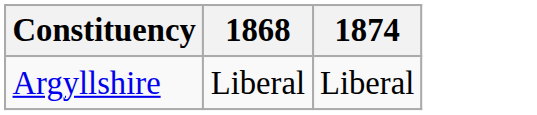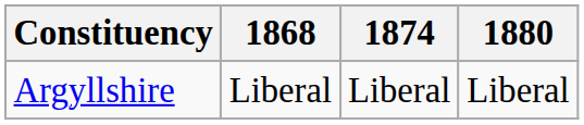 <table class="wikitable">
 <tr>
 <th>Constituency</th>
 <th>1868</th>
 <th>1874</th>
+<th>1880</th>
 </tr>
 <tr>
 <td><a href='#'>Argyllshire</a></td>
 <td>Liberal</td>
 <td>Liberal</td>
+<td>Liberal</td>
 </tr>
 </table>
